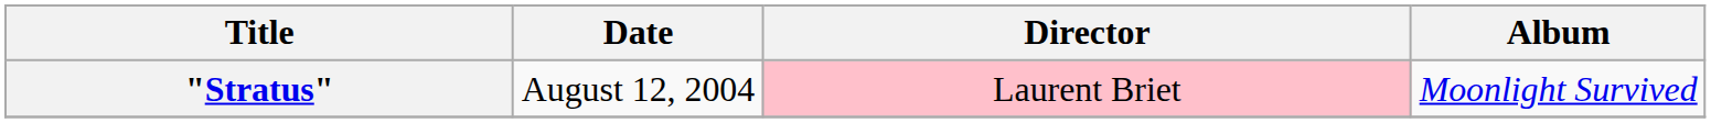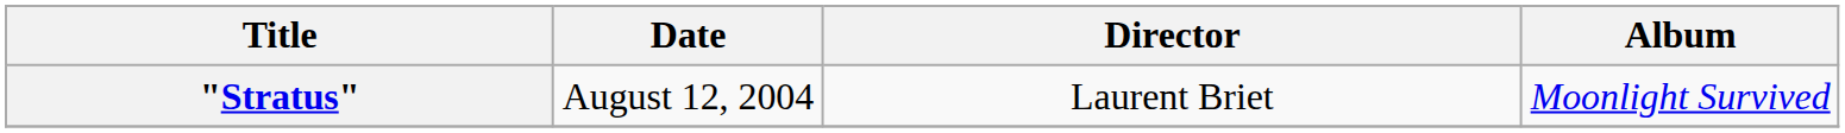 <table class="wikitable plainrowheaders" style="text-align:center;">
 <tr>
 <th scope="col" style="width:14em;">Title</th>
 <th scope="col">Date</th>
 <th scope="col" style="width:18em;">Director</th>
 <th>Album</th>
 </tr>
 <tr>
 <th scope="row">"<a href='#'>Stratus</a>"</th>
 <td>August 12, 2004</td>
-<td style="background: pink;">Laurent Briet</td>
+<td>Laurent Briet</td>
 <td><em><a href='#'>Moonlight Survived</a></em></td>
 </tr>
 <tr>
 </tr>
 </table>
